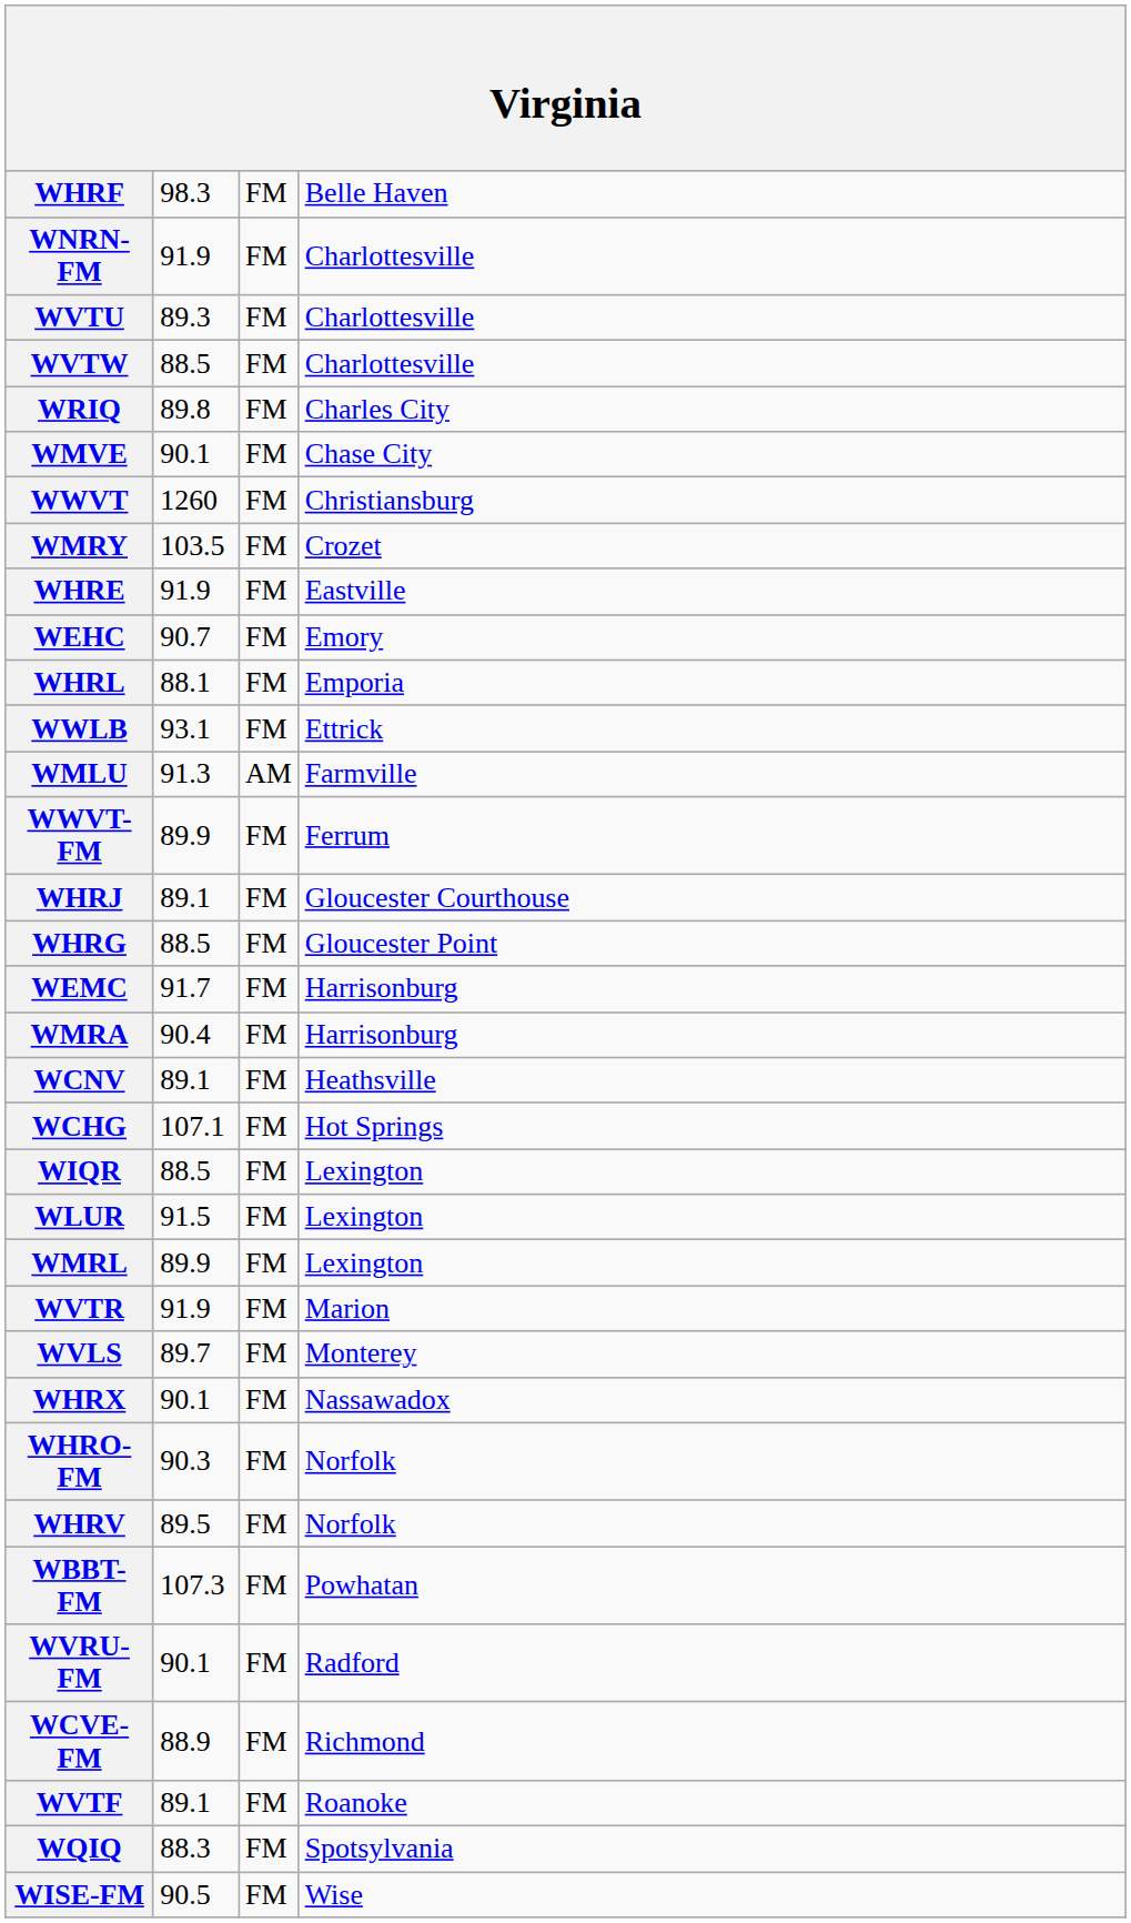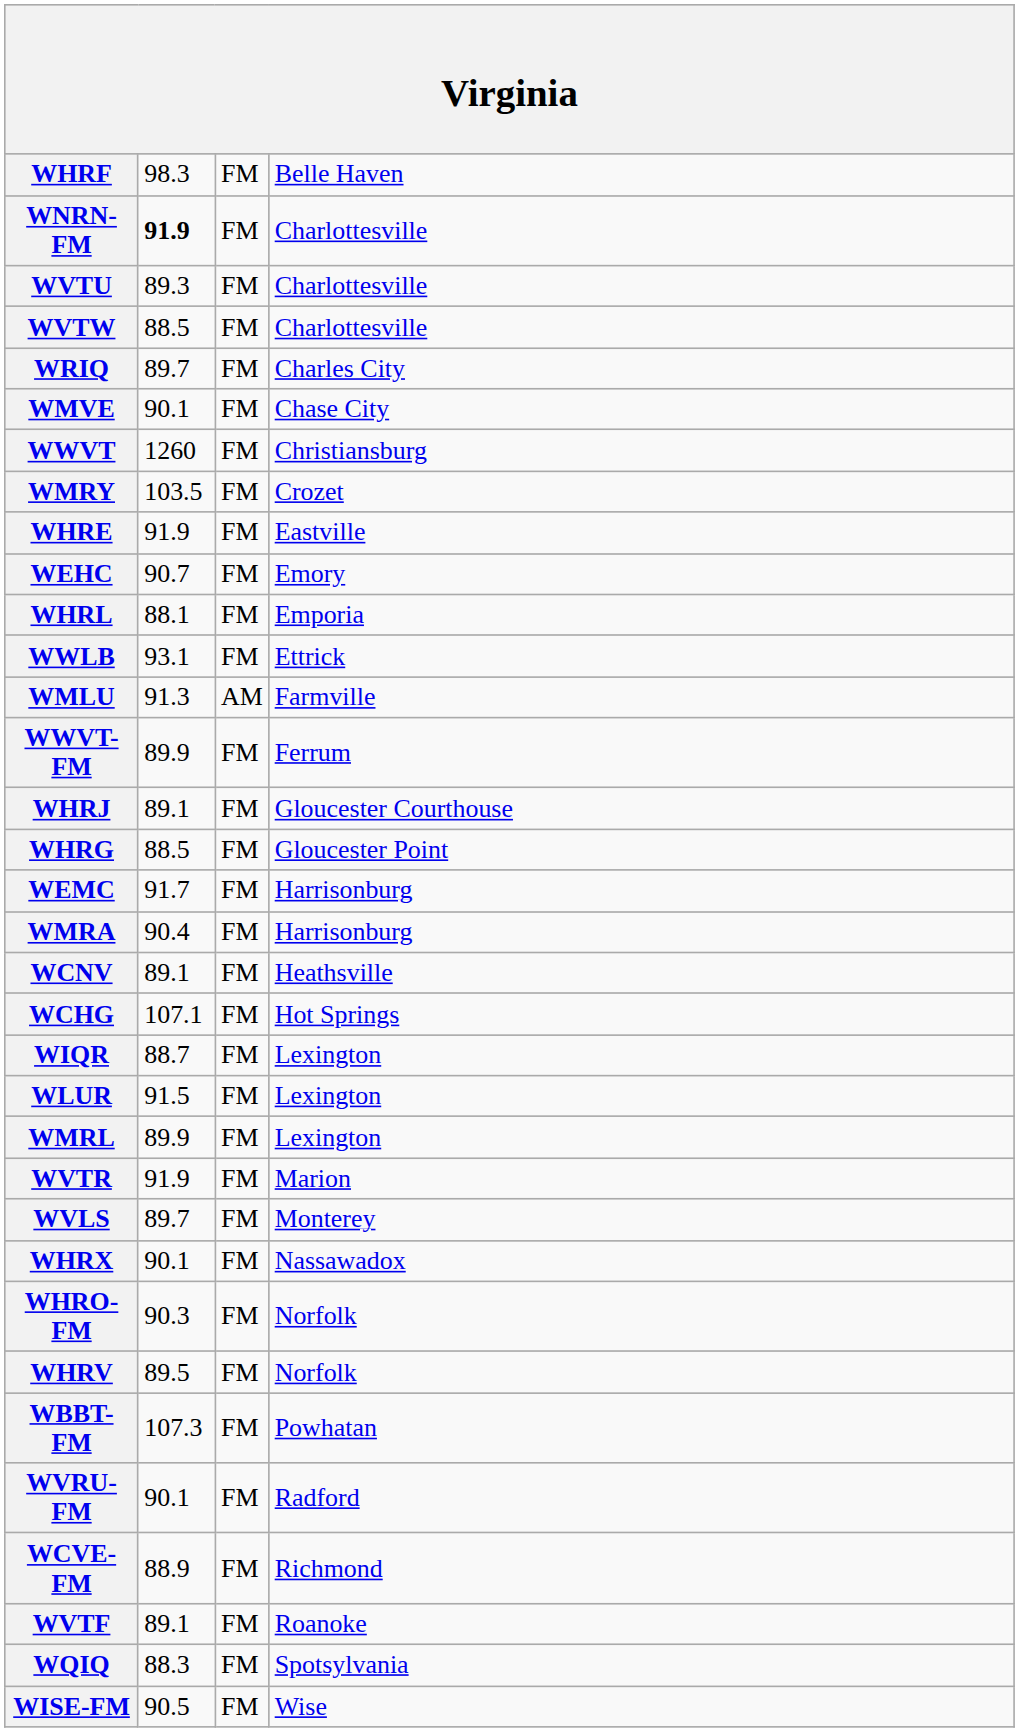 <table class="wikitable mw-collapsible" style="width:100%">
 <tr>
 <th scope="col" colspan="4"><br><h2>Virginia</h2></th>
 </tr>
 <tr>
 <th scope="row" style="width: 75px;"><a href='#'>WHRF</a></th>
 <td style="width: 40px;">98.3</td>
 <td style="width: 21px;">FM</td>
 <td><a href='#'>Belle Haven</a></td>
 </tr>
 <tr>
 <th scope="row"><a href='#'>WNRN-FM</a></th>
-<td>91.9</td>
+<td><strong>91.9</strong></td>
 <td>FM</td>
 <td><a href='#'>Charlottesville</a></td>
 </tr>
 <tr>
 <th scope="row"><a href='#'>WVTU</a></th>
 <td>89.3</td>
 <td>FM</td>
 <td><a href='#'>Charlottesville</a></td>
 </tr>
 <tr>
 <th scope="row"><a href='#'>WVTW</a></th>
 <td>88.5</td>
 <td>FM</td>
 <td><a href='#'>Charlottesville</a></td>
 </tr>
 <tr>
 <th scope="row"><a href='#'>WRIQ</a></th>
-<td>89.8</td>
+<td>89.7</td>
 <td>FM</td>
 <td><a href='#'>Charles City</a></td>
 </tr>
 <tr>
 <th scope="row"><a href='#'>WMVE</a></th>
 <td>90.1</td>
 <td>FM</td>
 <td><a href='#'>Chase City</a></td>
 </tr>
 <tr>
 <th scope="row"><a href='#'>WWVT</a></th>
 <td>1260</td>
 <td>FM</td>
 <td><a href='#'>Christiansburg</a></td>
 </tr>
 <tr>
 <th scope="row"><a href='#'>WMRY</a></th>
 <td>103.5</td>
 <td>FM</td>
 <td><a href='#'>Crozet</a></td>
 </tr>
 <tr>
 <th scope="row"><a href='#'>WHRE</a></th>
 <td>91.9</td>
 <td>FM</td>
 <td><a href='#'>Eastville</a></td>
 </tr>
 <tr>
 <th scope="row"><a href='#'>WEHC</a></th>
 <td>90.7</td>
 <td>FM</td>
 <td><a href='#'>Emory</a></td>
 </tr>
 <tr>
 <th scope="row"><a href='#'>WHRL</a></th>
 <td>88.1</td>
 <td>FM</td>
 <td><a href='#'>Emporia</a></td>
 </tr>
 <tr>
 <th scope="row"><a href='#'>WWLB</a></th>
 <td>93.1</td>
 <td>FM</td>
 <td><a href='#'>Ettrick</a></td>
 </tr>
 <tr>
 <th scope="row"><a href='#'>WMLU</a></th>
 <td>91.3</td>
 <td>AM</td>
 <td><a href='#'>Farmville</a></td>
 </tr>
 <tr>
 <th scope="row"><a href='#'>WWVT-FM</a></th>
 <td>89.9</td>
 <td>FM</td>
 <td><a href='#'>Ferrum</a></td>
 </tr>
 <tr>
 <th scope="row"><a href='#'>WHRJ</a></th>
 <td>89.1</td>
 <td>FM</td>
 <td><a href='#'>Gloucester Courthouse</a></td>
 </tr>
 <tr>
 <th scope="row"><a href='#'>WHRG</a></th>
 <td>88.5</td>
 <td>FM</td>
 <td><a href='#'>Gloucester Point</a></td>
 </tr>
 <tr>
 <th scope="row"><a href='#'>WEMC</a></th>
 <td>91.7</td>
 <td>FM</td>
 <td><a href='#'>Harrisonburg</a></td>
 </tr>
 <tr>
 <th scope="row"><a href='#'>WMRA</a></th>
 <td>90.4</td>
 <td>FM</td>
 <td><a href='#'>Harrisonburg</a></td>
 </tr>
 <tr>
 <th scope="row"><a href='#'>WCNV</a></th>
 <td>89.1</td>
 <td>FM</td>
 <td><a href='#'>Heathsville</a></td>
 </tr>
 <tr>
 <th scope="row"><a href='#'>WCHG</a></th>
 <td>107.1</td>
 <td>FM</td>
 <td><a href='#'>Hot Springs</a></td>
 </tr>
 <tr>
 <th scope="row"><a href='#'>WIQR</a></th>
-<td>88.5</td>
+<td>88.7</td>
 <td>FM</td>
 <td><a href='#'>Lexington</a></td>
 </tr>
 <tr>
 <th scope="row"><a href='#'>WLUR</a></th>
 <td>91.5</td>
 <td>FM</td>
 <td><a href='#'>Lexington</a></td>
 </tr>
 <tr>
 <th scope="row"><a href='#'>WMRL</a></th>
 <td>89.9</td>
 <td>FM</td>
 <td><a href='#'>Lexington</a></td>
 </tr>
 <tr>
 <th scope="row"><a href='#'>WVTR</a></th>
 <td>91.9</td>
 <td>FM</td>
 <td><a href='#'>Marion</a></td>
 </tr>
 <tr>
 <th scope="row"><a href='#'>WVLS</a></th>
 <td>89.7</td>
 <td>FM</td>
 <td><a href='#'>Monterey</a></td>
 </tr>
 <tr>
 <th scope="row"><a href='#'>WHRX</a></th>
 <td>90.1</td>
 <td>FM</td>
 <td><a href='#'>Nassawadox</a></td>
 </tr>
 <tr>
 <th scope="row"><a href='#'>WHRO-FM</a></th>
 <td>90.3</td>
 <td>FM</td>
 <td><a href='#'>Norfolk</a></td>
 </tr>
 <tr>
 <th scope="row"><a href='#'>WHRV</a></th>
 <td>89.5</td>
 <td>FM</td>
 <td><a href='#'>Norfolk</a></td>
 </tr>
 <tr>
 <th scope="row"><a href='#'>WBBT-FM</a></th>
 <td>107.3</td>
 <td>FM</td>
 <td><a href='#'>Powhatan</a></td>
 </tr>
 <tr>
 <th scope="row"><a href='#'>WVRU-FM</a></th>
 <td>90.1</td>
 <td>FM</td>
 <td><a href='#'>Radford</a></td>
 </tr>
 <tr>
 <th scope="row"><a href='#'>WCVE-FM</a></th>
 <td>88.9</td>
 <td>FM</td>
 <td><a href='#'>Richmond</a></td>
 </tr>
 <tr>
 <th scope="row"><a href='#'>WVTF</a></th>
 <td>89.1</td>
 <td>FM</td>
 <td><a href='#'>Roanoke</a></td>
 </tr>
 <tr>
 <th scope="row"><a href='#'>WQIQ</a></th>
 <td>88.3</td>
 <td>FM</td>
 <td><a href='#'>Spotsylvania</a></td>
 </tr>
 <tr>
 <th scope="row"><a href='#'>WISE-FM</a></th>
 <td>90.5</td>
 <td>FM</td>
 <td><a href='#'>Wise</a></td>
 </tr>
 </table>
